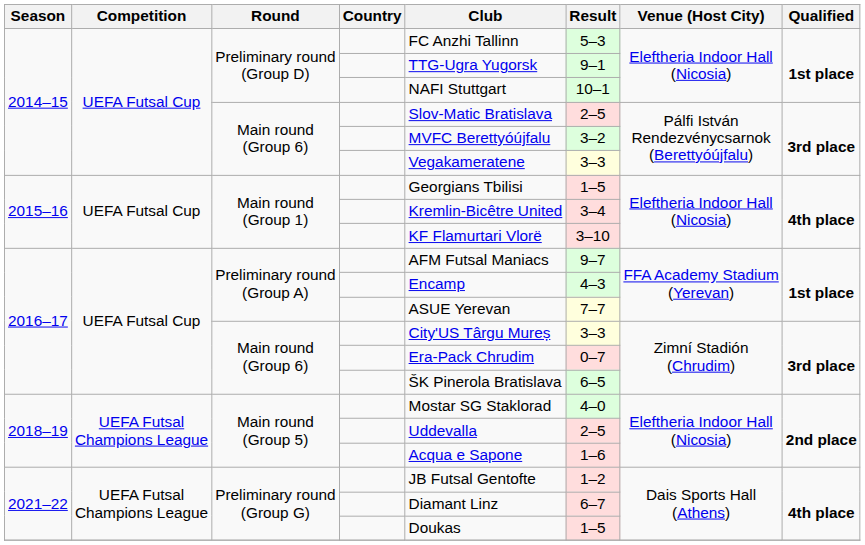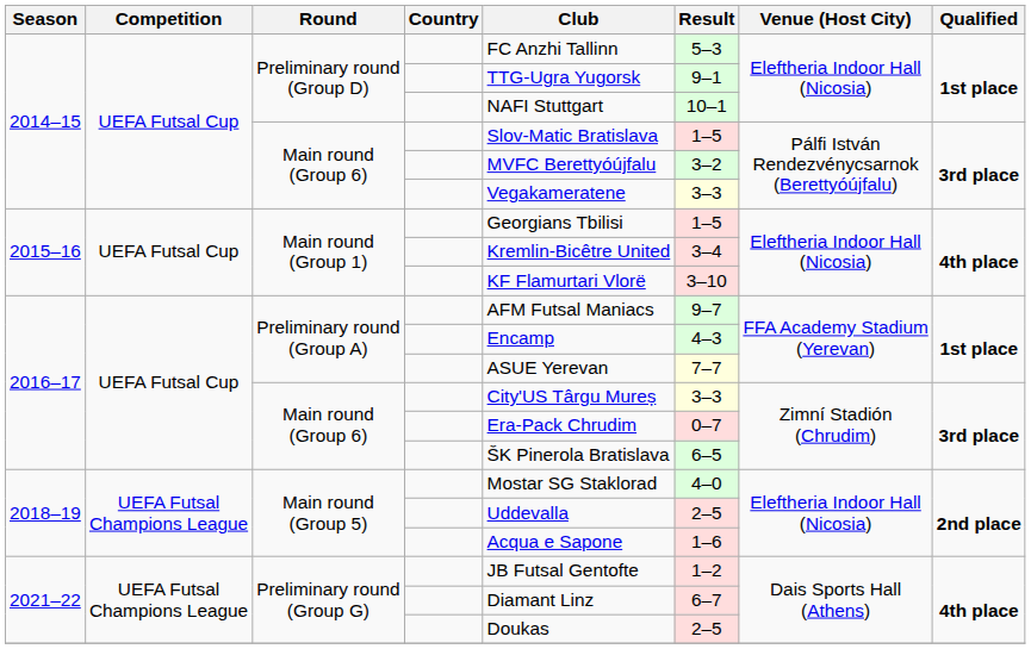 <table class="wikitable">
 <tr>
 <th>Season</th>
 <th>Competition</th>
 <th>Round</th>
 <th>Country</th>
 <th>Club</th>
 <th>Result</th>
 <th>Venue (Host City)</th>
 <th>Qualified</th>
 </tr>
 <tr>
 <td rowspan=6><a href='#'>2014–15</a></td>
 <td rowspan=6 align=center><a href='#'>UEFA Futsal Cup</a></td>
 <td rowspan=3 align=center>Preliminary round<br>(Group D)</td>
 <td align=center></td>
 <td>FC Anzhi Tallinn</td>
 <td style="background:#dfd;" align=center>5–3</td>
 <td rowspan=3 align="center"><a href='#'>Eleftheria Indoor Hall</a><br>(<a href='#'>Nicosia</a>)</td>
 <td rowspan=3 align="center"><br><strong>1st place</strong></td>
 </tr>
 <tr>
 <td align=center></td>
 <td><a href='#'>TTG-Ugra Yugorsk</a></td>
 <td style="background:#dfd;" align=center>9–1</td>
 </tr>
 <tr>
 <td align=center></td>
 <td>NAFI Stuttgart</td>
 <td style="background:#dfd;" align=center>10–1</td>
 </tr>
 <tr>
 <td rowspan=3 align="center">Main round<br>(Group 6)</td>
 <td align="center"></td>
 <td><a href='#'>Slov-Matic Bratislava</a></td>
-<td style="background:#fdd;" align=center>2–5</td>
+<td style="background:#fdd;" align=center>1–5</td>
 <td rowspan=3 align="center">Pálfi István<br>Rendezvénycsarnok<br>(<a href='#'>Berettyóújfalu</a>)</td>
 <td rowspan=3 align="center"><br><strong>3rd place</strong></td>
 </tr>
 <tr>
 <td align="center"></td>
 <td><a href='#'>MVFC Berettyóújfalu</a></td>
 <td style="background:#dfd;" align=center>3–2</td>
 </tr>
 <tr>
 <td align="center"></td>
 <td><a href='#'>Vegakameratene</a></td>
 <td style="background:#ffd;" align=center>3–3</td>
 </tr>
 <tr>
 <td rowspan=3><a href='#'>2015–16</a></td>
 <td rowspan=3 align=center>UEFA Futsal Cup</td>
 <td rowspan=3 align=center>Main round<br>(Group 1)</td>
 <td align=center></td>
 <td>Georgians Tbilisi</td>
 <td style="background:#fdd;" align=center>1–5</td>
 <td rowspan=3 align=center><a href='#'>Eleftheria Indoor Hall</a><br>(<a href='#'>Nicosia</a>)</td>
 <td rowspan=3 align=center><br><strong>4th place</strong></td>
 </tr>
 <tr>
 <td align=center></td>
 <td><a href='#'>Kremlin-Bicêtre United</a></td>
 <td style="background:#fdd;" align=center>3–4</td>
 </tr>
 <tr>
 <td align=center></td>
 <td><a href='#'>KF Flamurtari Vlorë</a></td>
 <td style="background:#fdd;" align=center>3–10</td>
 </tr>
 <tr>
 <td rowspan=6><a href='#'>2016–17</a></td>
 <td rowspan=6 align=center>UEFA Futsal Cup</td>
 <td rowspan=3 align=center>Preliminary round<br>(Group A)</td>
 <td align=center></td>
 <td>AFM Futsal Maniacs</td>
 <td style="background:#dfd;" align=center>9–7</td>
 <td rowspan=3 align=center><a href='#'>FFA Academy Stadium</a><br>(<a href='#'>Yerevan</a>)</td>
 <td rowspan=3 align=center><br><strong>1st place</strong></td>
 </tr>
 <tr>
 <td align="center"></td>
 <td><a href='#'>Encamp</a></td>
 <td style="background:#dfd;" align=center>4–3</td>
 </tr>
 <tr>
 <td align=center></td>
 <td>ASUE Yerevan</td>
 <td style="background:#ffd;" align=center>7–7</td>
 </tr>
 <tr>
 <td rowspan=3 align=center>Main round<br>(Group 6)</td>
 <td align=center></td>
 <td><a href='#'>City'US Târgu Mureș</a></td>
 <td style="background:#ffd;" align=center>3–3</td>
 <td rowspan=3 align=center>Zimní Stadión<br>(<a href='#'>Chrudim</a>)</td>
 <td rowspan=3 align=center><br><strong>3rd place</strong></td>
 </tr>
 <tr>
 <td align=center></td>
 <td><a href='#'>Era-Pack Chrudim</a></td>
 <td style="background:#fdd;" align=center>0–7</td>
 </tr>
 <tr>
 <td align=center></td>
 <td>ŠK Pinerola Bratislava</td>
 <td style="background:#dfd;" align=center>6–5</td>
 </tr>
 <tr>
 <td rowspan=3><a href='#'>2018–19</a></td>
 <td rowspan=3 align=center><a href='#'>UEFA Futsal<br>Champions League</a></td>
 <td rowspan=3 align=center>Main round<br>(Group 5)</td>
 <td align=center></td>
 <td>Mostar SG Staklorad</td>
 <td style="background:#dfd;" align=center>4–0</td>
 <td rowspan=3 align=center><a href='#'>Eleftheria Indoor Hall</a><br>(<a href='#'>Nicosia</a>)</td>
 <td rowspan=3 align=center><br><strong>2nd place</strong></td>
 </tr>
 <tr>
 <td align=center></td>
 <td><a href='#'>Uddevalla</a></td>
 <td style="background:#fdd;" align=center>2–5</td>
 </tr>
 <tr>
 <td align=center></td>
 <td><a href='#'>Acqua e Sapone</a></td>
 <td style="background:#fdd;" align=center>1–6</td>
 </tr>
 <tr>
 <td rowspan=3><a href='#'>2021–22</a></td>
 <td rowspan=3 align=center>UEFA Futsal<br>Champions League</td>
 <td rowspan=3 align=center>Preliminary round<br>(Group G)</td>
 <td align=center></td>
 <td>JB Futsal Gentofte</td>
 <td style="background:#fdd;" align=center>1–2</td>
 <td rowspan=3 align=center>Dais Sports Hall<br>(<a href='#'>Athens</a>)</td>
 <td rowspan=3 align=center><br><strong>4th place</strong></td>
 </tr>
 <tr>
 <td align=center></td>
 <td>Diamant Linz</td>
 <td style="background:#fdd;" align=center>6–7</td>
 </tr>
 <tr>
 <td align=center></td>
 <td>Doukas</td>
-<td style="background:#fdd;" align=center>1–5</td>
+<td style="background:#fdd;" align=center>2–5</td>
 </tr>
 <tr>
 </tr>
 </table>
